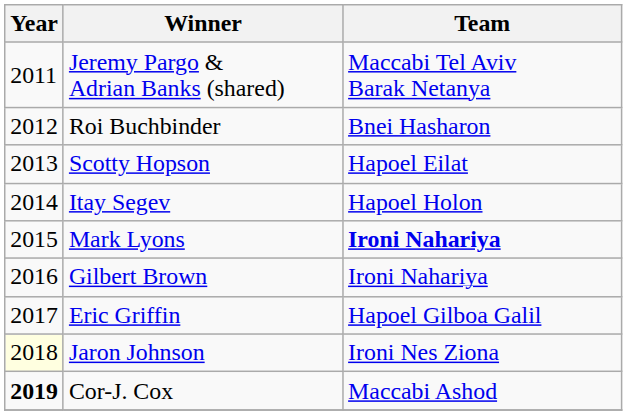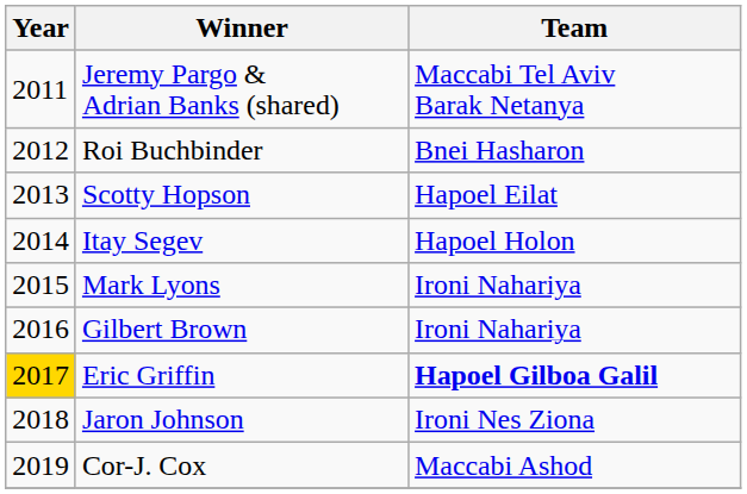 <table class="wikitable">
 <tr>
 <th>Year</th>
 <th width=180>Winner</th>
 <th width=180>Team</th>
 </tr>
 <tr>
 <td>2011</td>
 <td> <a href='#'>Jeremy Pargo</a> & <br> <a href='#'>Adrian Banks</a> (shared)</td>
 <td><a href='#'>Maccabi Tel Aviv</a><br><a href='#'>Barak Netanya</a></td>
 </tr>
 <tr>
 <td>2012</td>
 <td> Roi Buchbinder</td>
 <td><a href='#'>Bnei Hasharon</a></td>
 </tr>
 <tr>
 <td>2013</td>
 <td> <a href='#'>Scotty Hopson</a></td>
 <td><a href='#'>Hapoel Eilat</a></td>
 </tr>
 <tr>
 <td>2014</td>
 <td> <a href='#'>Itay Segev</a></td>
 <td><a href='#'>Hapoel Holon</a></td>
 </tr>
 <tr>
 <td>2015</td>
 <td> <a href='#'>Mark Lyons</a></td>
-<td><strong><a href='#'>Ironi Nahariya</a></strong></td>
+<td><a href='#'>Ironi Nahariya</a></td>
 </tr>
 <tr>
 <td>2016</td>
 <td> <a href='#'>Gilbert Brown</a></td>
 <td><a href='#'>Ironi Nahariya</a></td>
 </tr>
 <tr>
-<td>2017</td>
+<td style="background: gold;">2017</td>
 <td> <a href='#'>Eric Griffin</a></td>
-<td><a href='#'>Hapoel Gilboa Galil</a></td>
+<td><strong><a href='#'>Hapoel Gilboa Galil</a></strong></td>
 </tr>
 <tr>
-<td style="background: lightyellow;">2018</td>
+<td>2018</td>
 <td> <a href='#'>Jaron Johnson</a></td>
 <td><a href='#'>Ironi Nes Ziona</a></td>
 </tr>
 <tr>
-<td><strong>2019</strong></td>
+<td>2019</td>
 <td> Cor-J. Cox</td>
 <td><a href='#'>Maccabi Ashod</a></td>
 </tr>
 <tr>
 </tr>
 </table>
